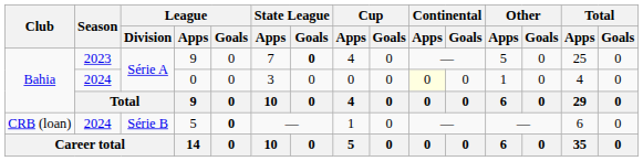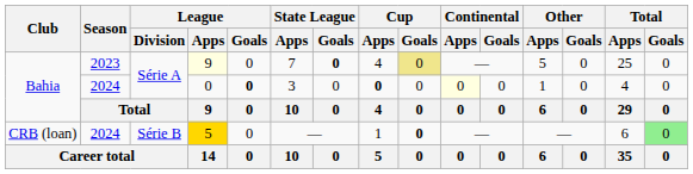 <table class="wikitable" style="text-align: center;">
 <tr>
 <th rowspan="2">Club</th>
 <th rowspan="2">Season</th>
 <th colspan="3">League</th>
 <th colspan="2">State League</th>
 <th colspan="2">Cup</th>
 <th colspan="2">Continental</th>
 <th colspan="2">Other</th>
 <th colspan="2">Total</th>
 </tr>
 <tr>
 <th>Division</th>
 <th>Apps</th>
 <th>Goals</th>
 <th>Apps</th>
 <th>Goals</th>
 <th>Apps</th>
 <th>Goals</th>
 <th>Apps</th>
 <th>Goals</th>
 <th>Apps</th>
 <th>Goals</th>
 <th>Apps</th>
 <th>Goals</th>
 </tr>
 <tr>
 <td rowspan="3"><a href='#'>Bahia</a></td>
 <td><a href='#'>2023</a></td>
 <td rowspan="2"><a href='#'>Série A</a></td>
-<td>9</td>
+<td style="background: lightyellow;">9</td>
 <td>0</td>
 <td>7</td>
 <td><strong>0</strong></td>
 <td>4</td>
-<td>0</td>
+<td style="background: khaki;">0</td>
 <td colspan="2">—</td>
 <td>5</td>
 <td>0</td>
 <td>25</td>
 <td>0</td>
 </tr>
 <tr>
 <td><a href='#'>2024</a></td>
 <td>0</td>
-<td>0</td>
+<td><strong>0</strong></td>
 <td>3</td>
 <td>0</td>
-<td>0</td>
+<td><strong>0</strong></td>
 <td>0</td>
 <td style="background: lightyellow;">0</td>
 <td>0</td>
 <td>1</td>
 <td>0</td>
 <td>4</td>
 <td>0</td>
 </tr>
 <tr>
 <th colspan="2">Total</th>
 <th>9</th>
 <th>0</th>
 <th>10</th>
 <th>0</th>
 <th>4</th>
 <th>0</th>
 <th>0</th>
 <th>0</th>
 <th>6</th>
 <th>0</th>
 <th>29</th>
 <th>0</th>
 </tr>
 <tr>
 <td><a href='#'>CRB</a> (loan)</td>
 <td><a href='#'>2024</a></td>
 <td><a href='#'>Série B</a></td>
-<td>5</td>
-<td><strong>0</strong></td>
+<td style="background: gold;">5</td>
+<td>0</td>
 <td colspan="2">—</td>
 <td>1</td>
-<td>0</td>
+<td><strong>0</strong></td>
 <td colspan="2">—</td>
 <td colspan="2">—</td>
 <td>6</td>
-<td>0</td>
+<td style="background: lightgreen;">0</td>
 </tr>
 <tr>
 <th colspan="3"><strong>Career total</strong></th>
 <th>14</th>
 <th>0</th>
 <th>10</th>
 <th>0</th>
 <th>5</th>
 <th>0</th>
 <th>0</th>
 <th>0</th>
 <th>6</th>
 <th>0</th>
 <th>35</th>
 <th>0</th>
 </tr>
 </table>
